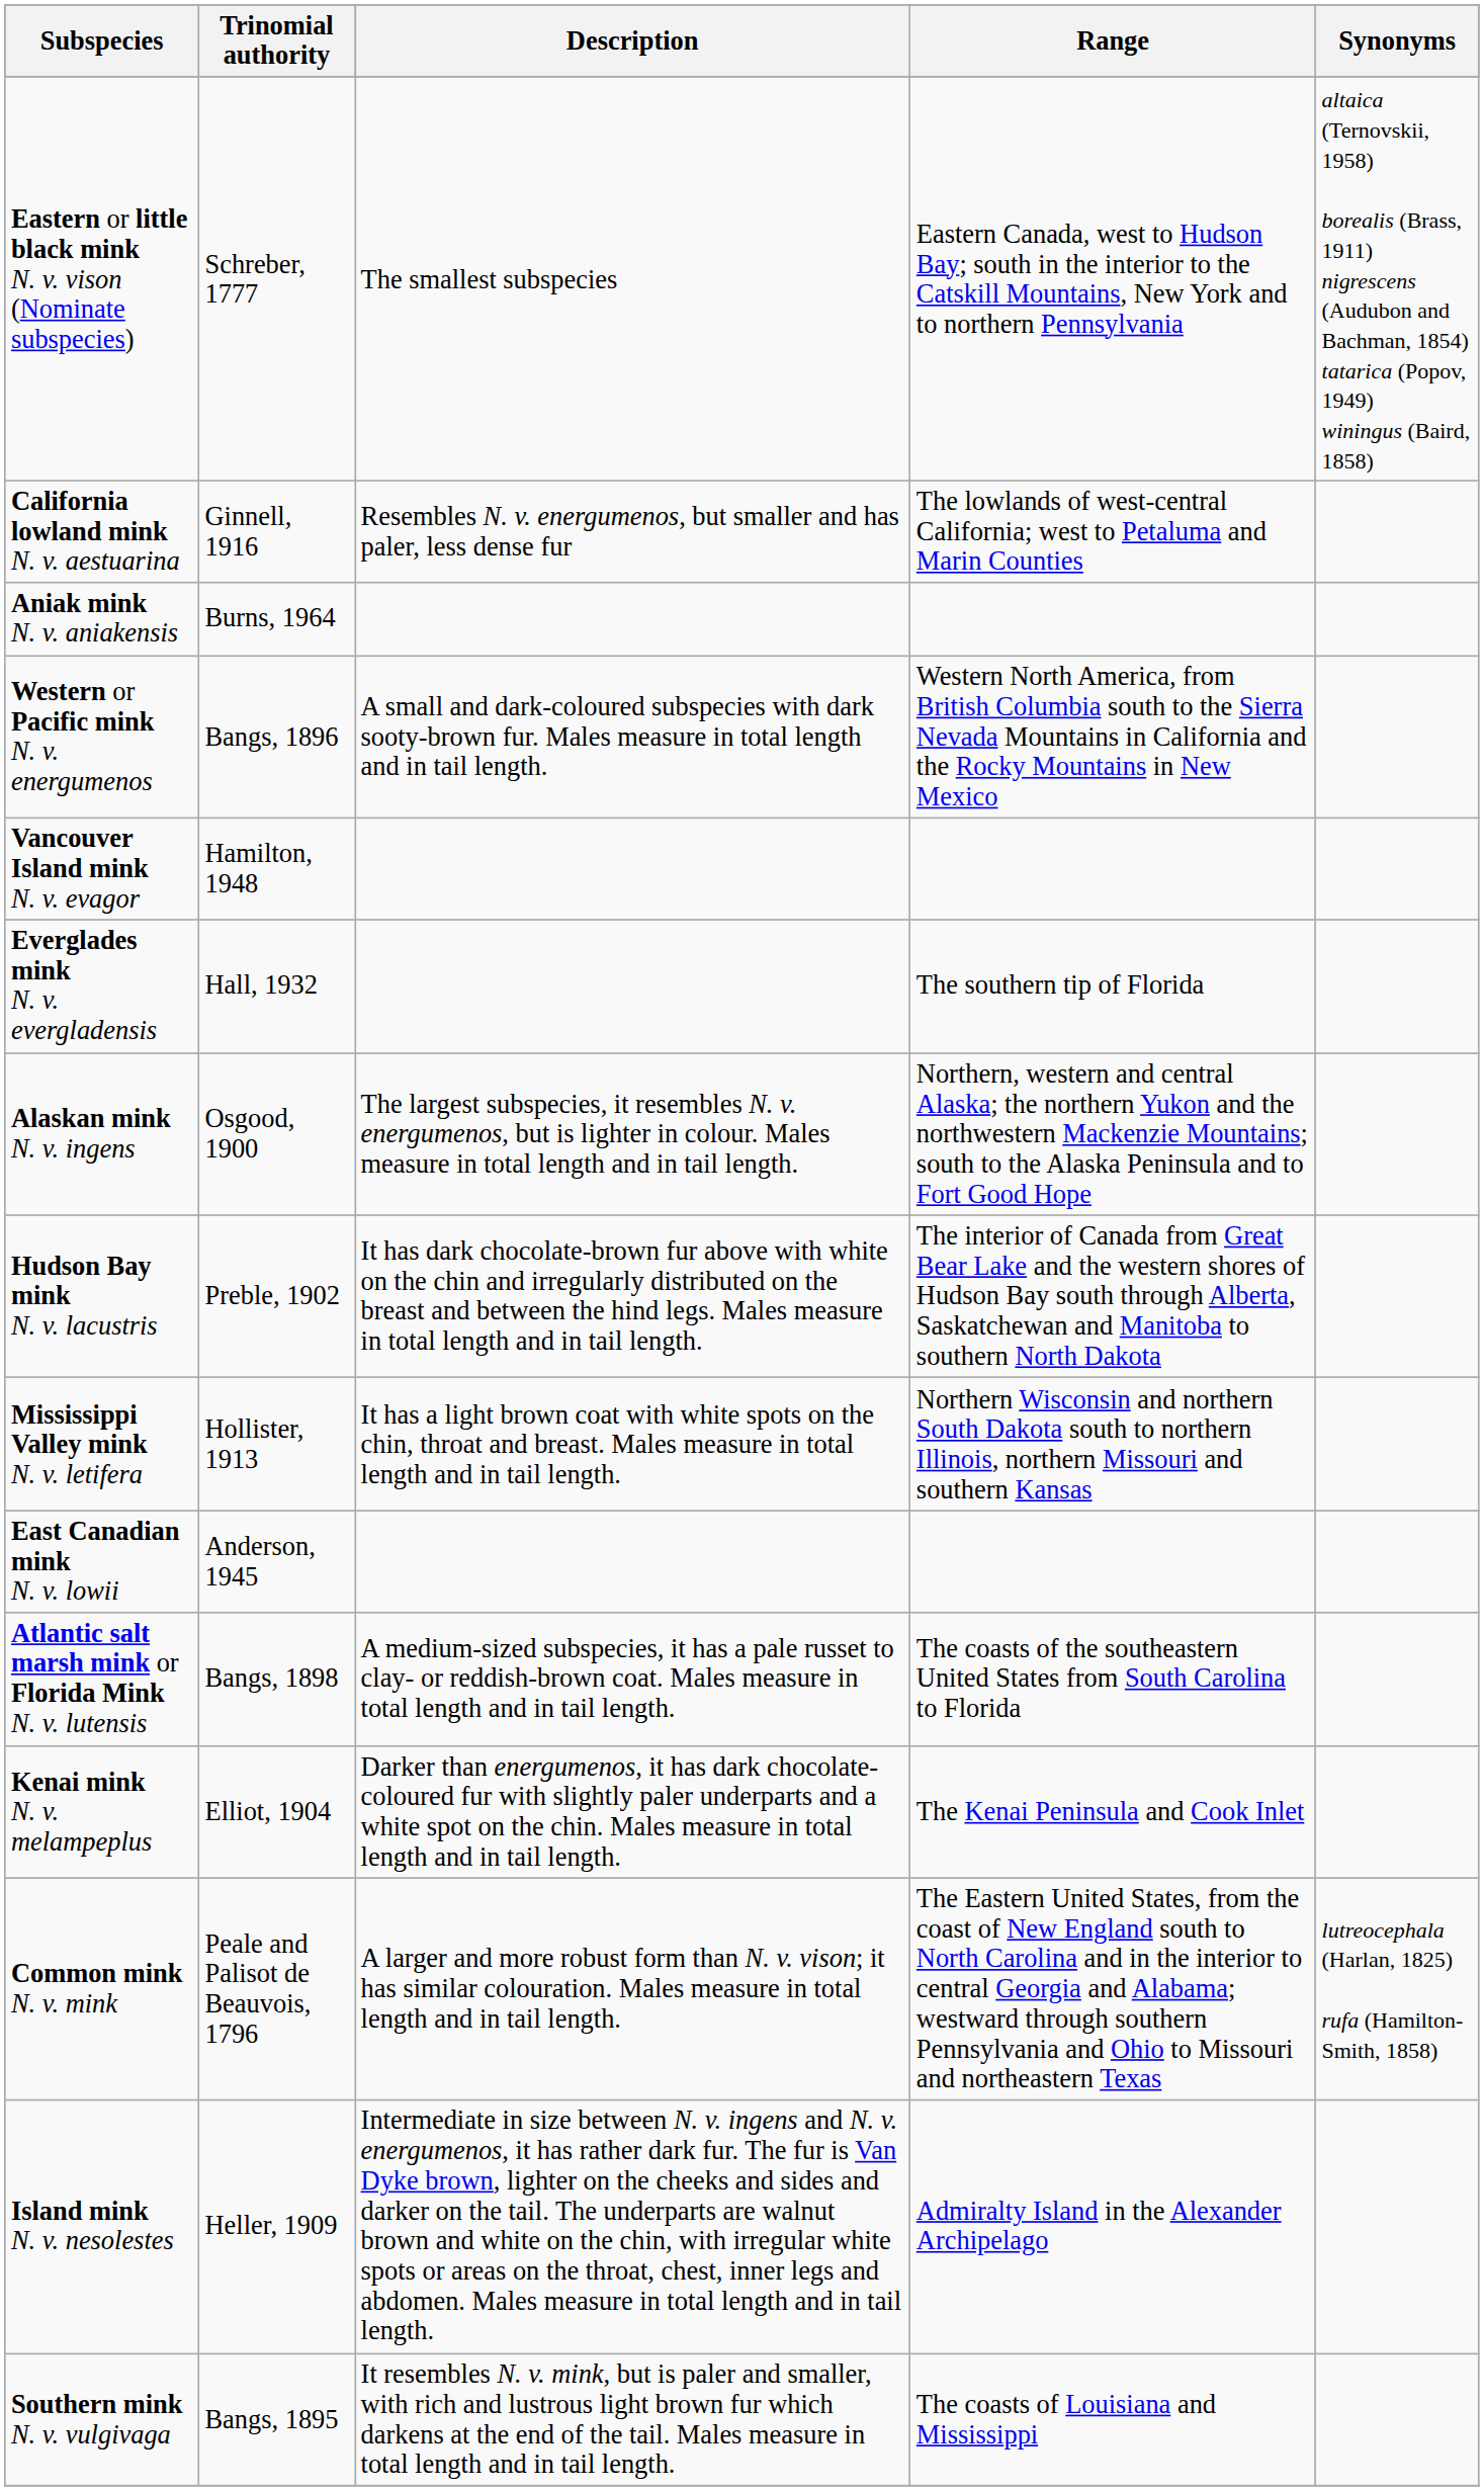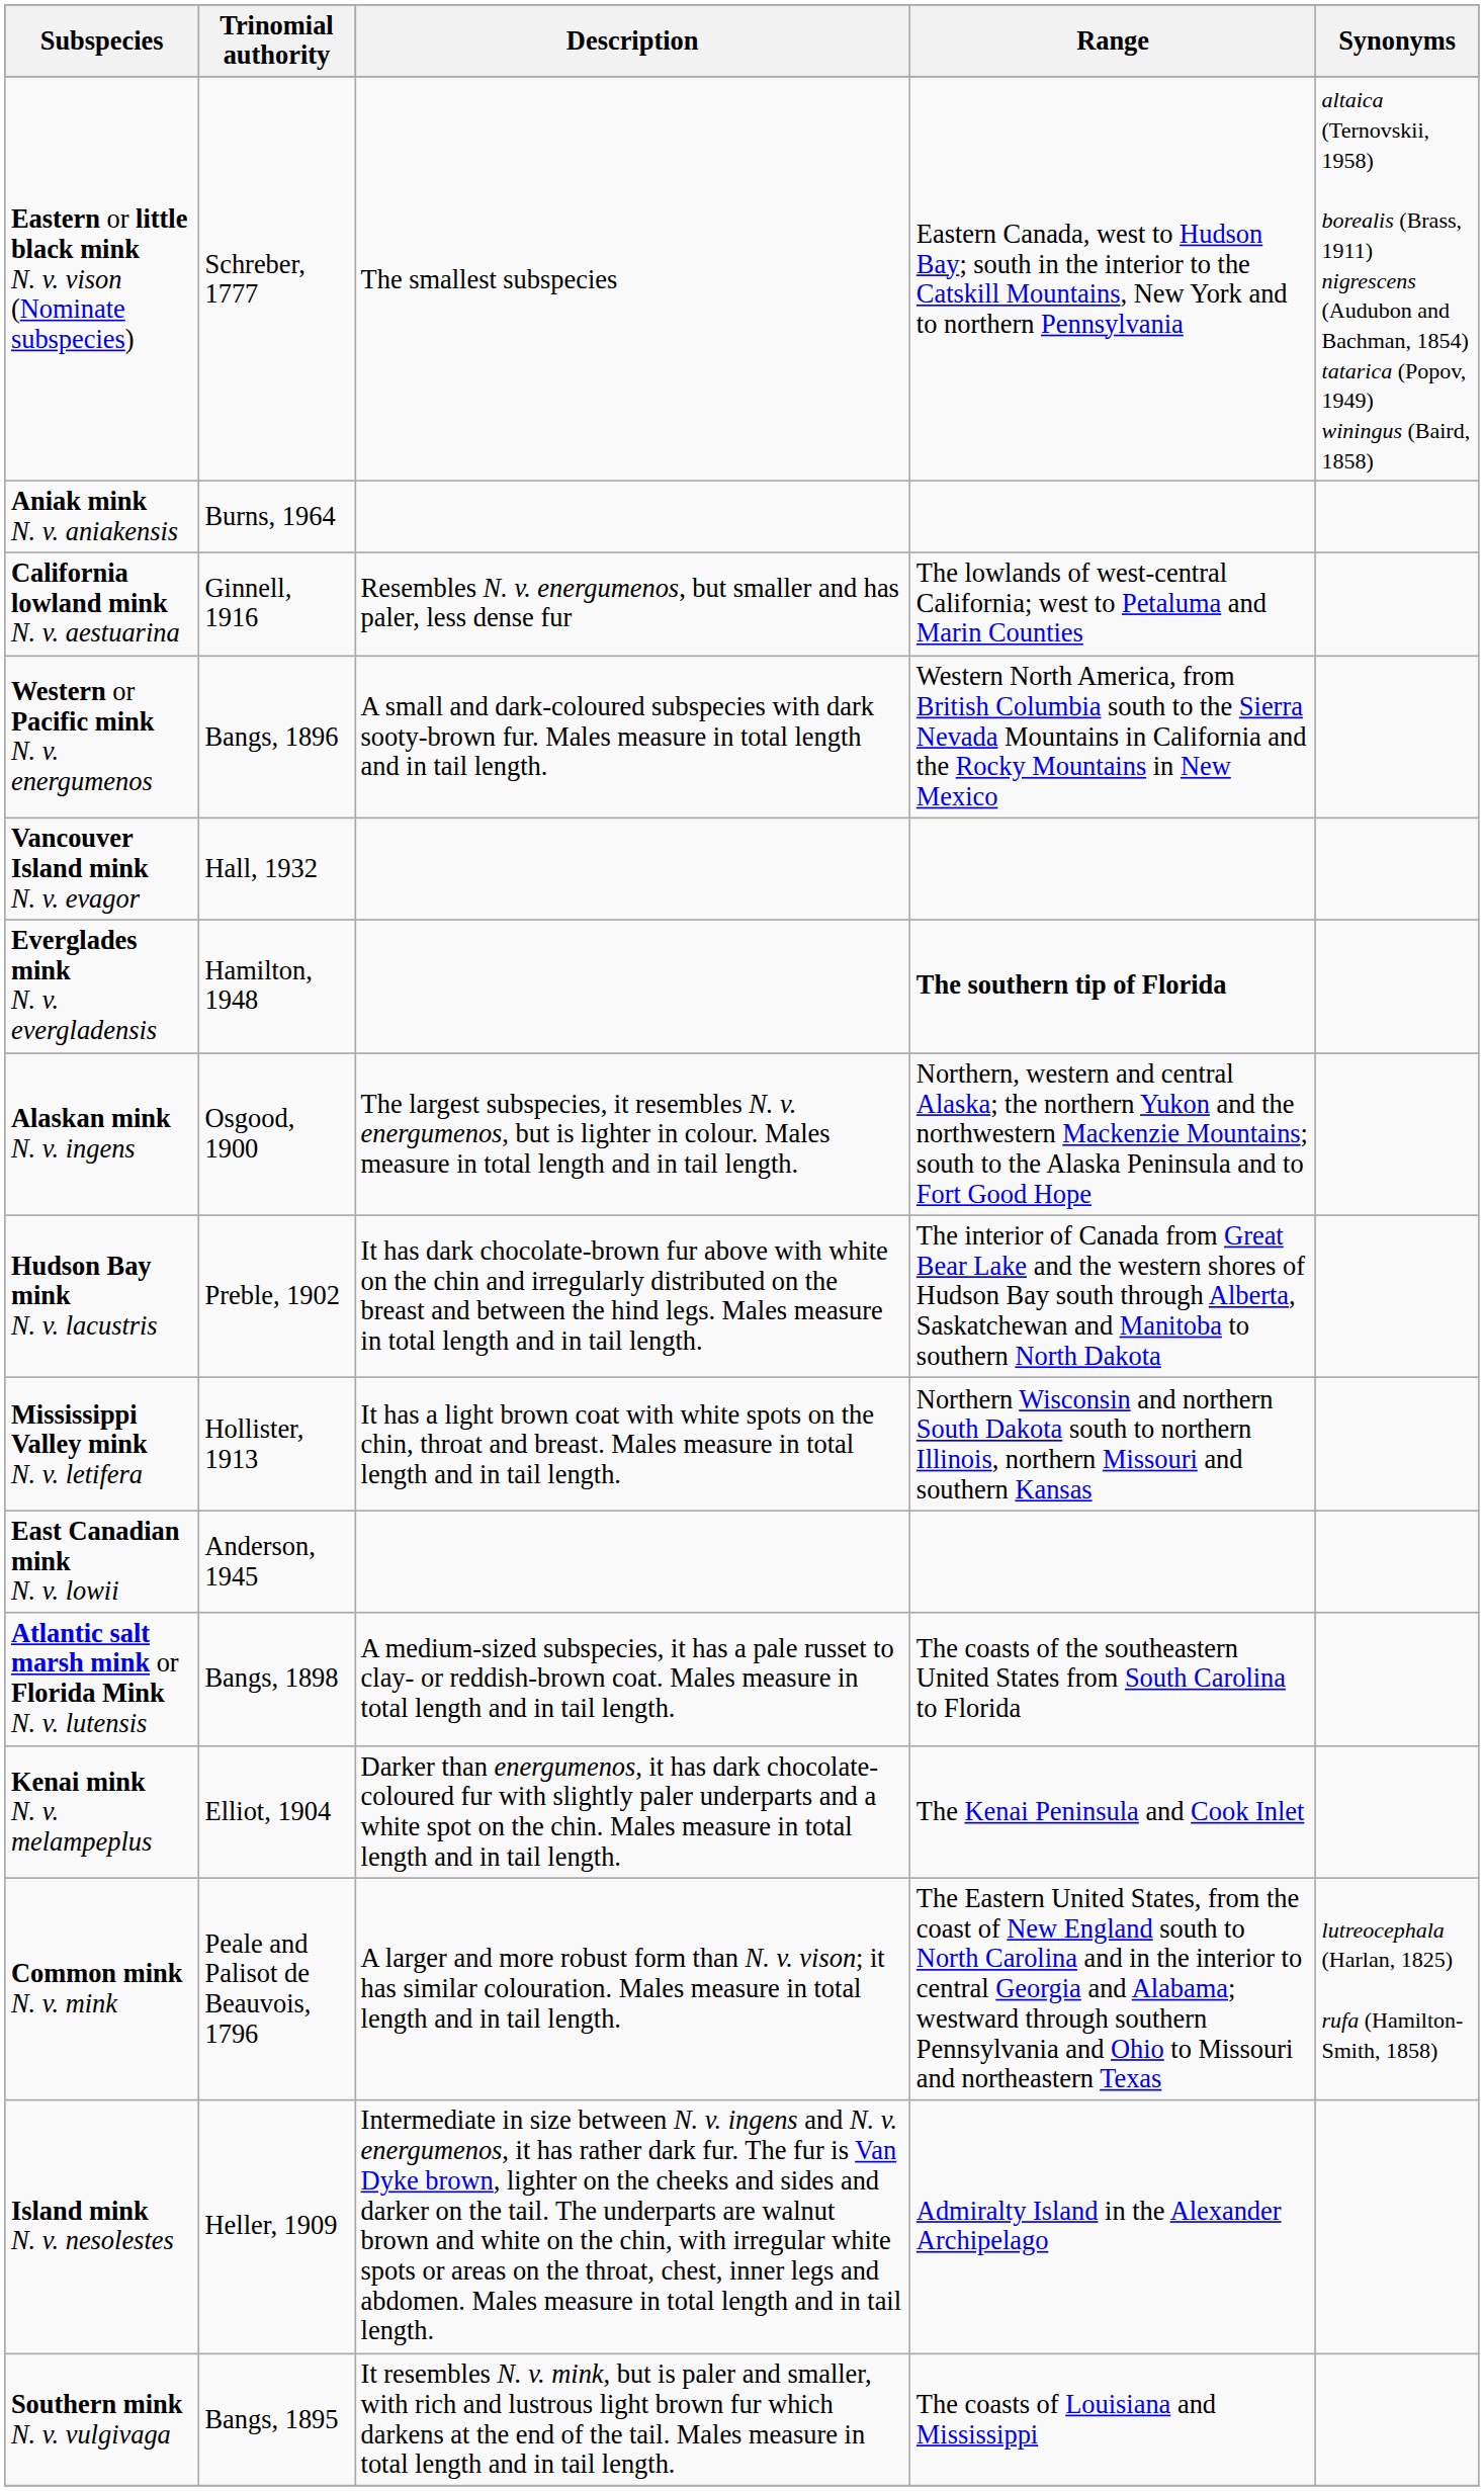 <table class="wikitable collapsible collapsed" style="width:100%;">
 <tr style="background:#115a6c;">
 <th>Subspecies</th>
 <th>Trinomial authority</th>
 <th>Description</th>
 <th>Range</th>
 <th>Synonyms</th>
 </tr>
 <tr>
 <td><strong>Eastern</strong> or <strong>little black mink</strong><br><em>N. v. vison</em><br>(<a href='#'>Nominate subspecies</a>) </td>
 <td>Schreber, 1777</td>
 <td>The smallest subspecies</td>
 <td>Eastern Canada, west to <a href='#'>Hudson Bay</a>; south in the interior to the <a href='#'>Catskill Mountains</a>, New York and to northern <a href='#'>Pennsylvania</a></td>
 <td><small><em>altaica</em> (Ternovskii, 1958)</small><br><br><small><em>borealis</em> (Brass, 1911)</small><br> <small><em>nigrescens</em> (Audubon and Bachman, 1854)</small><br> <small><em>tatarica</em> (Popov, 1949)</small><br> <small><em>winingus</em> (Baird, 1858)</small><br></td>
 </tr>
 <tr>
+<td><strong>Aniak mink</strong><br><em>N. v. aniakensis</em></td>
+<td>Burns, 1964</td>
+<td></td>
+<td></td>
+<td></td>
+</tr>
+<tr>
 <td><strong>California lowland mink</strong><br><em>N. v. aestuarina</em></td>
 <td>Ginnell, 1916</td>
 <td>Resembles <em>N. v. energumenos</em>, but smaller and has paler, less dense fur</td>
 <td>The lowlands of west-central California; west to <a href='#'>Petaluma</a> and <a href='#'>Marin Counties</a></td>
-<td></td>
-</tr>
-<tr>
-<td><strong>Aniak mink</strong><br><em>N. v. aniakensis</em></td>
-<td>Burns, 1964</td>
-<td></td>
-<td></td>
 <td></td>
 </tr>
 <tr>
 <td><strong>Western</strong> or <strong>Pacific mink</strong><br><em>N. v. energumenos</em></td>
 <td>Bangs, 1896</td>
 <td>A small and dark-coloured subspecies with dark sooty-brown fur. Males measure  in total length and  in tail length.</td>
 <td>Western North America, from <a href='#'>British Columbia</a> south to the <a href='#'>Sierra Nevada</a> Mountains in California and the <a href='#'>Rocky Mountains</a> in <a href='#'>New Mexico</a></td>
 <td></td>
 </tr>
 <tr>
 <td><strong>Vancouver Island mink</strong><br><em>N. v. evagor</em></td>
-<td>Hamilton, 1948</td>
+<td>Hall, 1932</td>
 <td></td>
 <td></td>
 <td></td>
 </tr>
 <tr>
 <td><strong>Everglades mink</strong><br><em>N. v. evergladensis</em></td>
-<td>Hall, 1932</td>
+<td>Hamilton, 1948</td>
 <td></td>
-<td>The southern tip of Florida</td>
+<td><strong>The southern tip of Florida</strong></td>
 <td></td>
 </tr>
 <tr>
 <td><strong>Alaskan mink</strong><br><em>N. v. ingens</em></td>
 <td>Osgood, 1900</td>
 <td>The largest subspecies, it resembles <em>N. v. energumenos</em>, but is lighter in colour. Males measure  in total length and  in tail length.</td>
 <td>Northern, western and central <a href='#'>Alaska</a>; the northern <a href='#'>Yukon</a> and the northwestern <a href='#'>Mackenzie Mountains</a>; south to the Alaska Peninsula and to <a href='#'>Fort Good Hope</a></td>
 <td></td>
 </tr>
 <tr>
 <td><strong>Hudson Bay mink</strong><br><em>N. v. lacustris</em></td>
 <td>Preble, 1902</td>
 <td>It has dark chocolate-brown fur above with white on the chin and irregularly distributed on the breast and between the hind legs. Males measure  in total length and  in tail length.</td>
 <td>The interior of Canada from <a href='#'>Great Bear Lake</a> and the western shores of Hudson Bay south through <a href='#'>Alberta</a>, Saskatchewan and <a href='#'>Manitoba</a> to southern <a href='#'>North Dakota</a></td>
 <td></td>
 </tr>
 <tr>
 <td><strong>Mississippi Valley mink</strong><br><em>N. v. letifera</em></td>
 <td>Hollister, 1913</td>
 <td>It has a light brown coat with white spots on the chin, throat and breast. Males measure  in total length and  in tail length.</td>
 <td>Northern <a href='#'>Wisconsin</a> and northern <a href='#'>South Dakota</a> south to northern <a href='#'>Illinois</a>, northern <a href='#'>Missouri</a> and southern <a href='#'>Kansas</a></td>
 <td></td>
 </tr>
 <tr>
 <td><strong>East Canadian mink</strong><br><em>N. v. lowii</em></td>
 <td>Anderson, 1945</td>
 <td></td>
 <td></td>
 <td></td>
 </tr>
 <tr>
 <td><strong><a href='#'>Atlantic salt marsh mink</a></strong> or <strong>Florida Mink</strong><br><em>N. v. lutensis</em></td>
 <td>Bangs, 1898</td>
 <td>A medium-sized subspecies, it has a pale russet to clay- or reddish-brown coat. Males measure  in total length and  in tail length.</td>
 <td>The coasts of the southeastern United States from <a href='#'>South Carolina</a> to Florida</td>
 <td></td>
 </tr>
 <tr>
 <td><strong>Kenai mink</strong><br><em>N. v. melampeplus</em><br></td>
 <td>Elliot, 1904</td>
 <td>Darker than <em>energumenos</em>, it has dark chocolate-coloured fur with slightly paler underparts and a white spot on the chin. Males measure  in total length and  in tail length.</td>
 <td>The <a href='#'>Kenai Peninsula</a> and <a href='#'>Cook Inlet</a></td>
 <td></td>
 </tr>
 <tr>
 <td><strong>Common mink</strong><br><em>N. v. mink</em><br></td>
 <td>Peale and Palisot de Beauvois, 1796</td>
 <td>A larger and more robust form than <em>N. v. vison</em>; it has similar colouration. Males measure  in total length and  in tail length.</td>
 <td>The Eastern United States, from the coast of <a href='#'>New England</a> south to <a href='#'>North Carolina</a> and in the interior to central <a href='#'>Georgia</a> and <a href='#'>Alabama</a>; westward through southern Pennsylvania and <a href='#'>Ohio</a> to Missouri and northeastern <a href='#'>Texas</a></td>
 <td><small><em>lutreocephala</em> (Harlan, 1825)</small><br><br><small><em>rufa</em> (Hamilton-Smith, 1858)</small></td>
 </tr>
 <tr>
 <td><strong>Island mink</strong><br><em>N. v. nesolestes</em></td>
 <td>Heller, 1909</td>
 <td>Intermediate in size between <em>N. v. ingens</em> and <em>N. v. energumenos</em>, it has rather dark fur. The fur is <a href='#'>Van Dyke brown</a>, lighter on the cheeks and sides and darker on the tail. The underparts are walnut brown and white on the chin, with irregular white spots or areas on the throat, chest, inner legs and abdomen. Males measure  in total length and  in tail length.</td>
 <td><a href='#'>Admiralty Island</a> in the <a href='#'>Alexander Archipelago</a></td>
 <td></td>
 </tr>
 <tr>
 <td><strong>Southern mink</strong><br><em>N. v. vulgivaga</em><br></td>
 <td>Bangs, 1895</td>
 <td>It resembles <em>N. v. mink</em>, but is paler and smaller, with rich and lustrous light brown fur which darkens at the end of the tail. Males measure  in total length and  in tail length.</td>
 <td>The coasts of <a href='#'>Louisiana</a> and <a href='#'>Mississippi</a></td>
 <td></td>
 </tr>
 <tr>
 </tr>
 </table>
